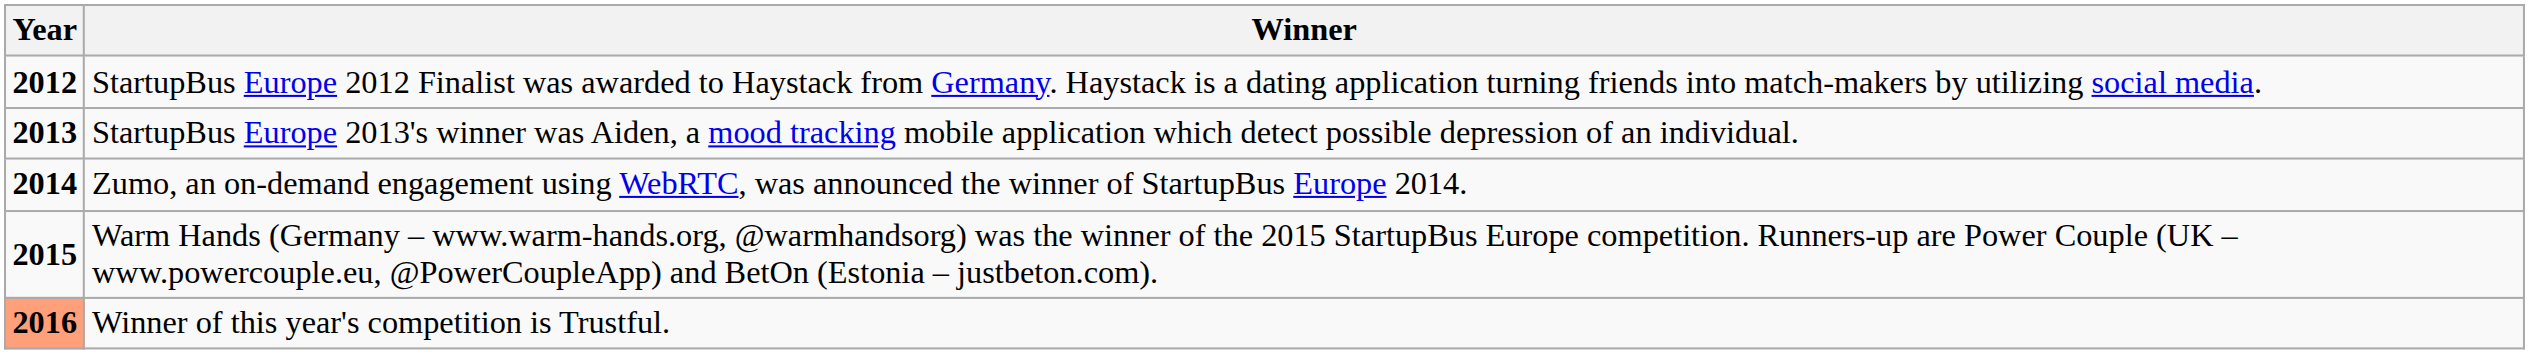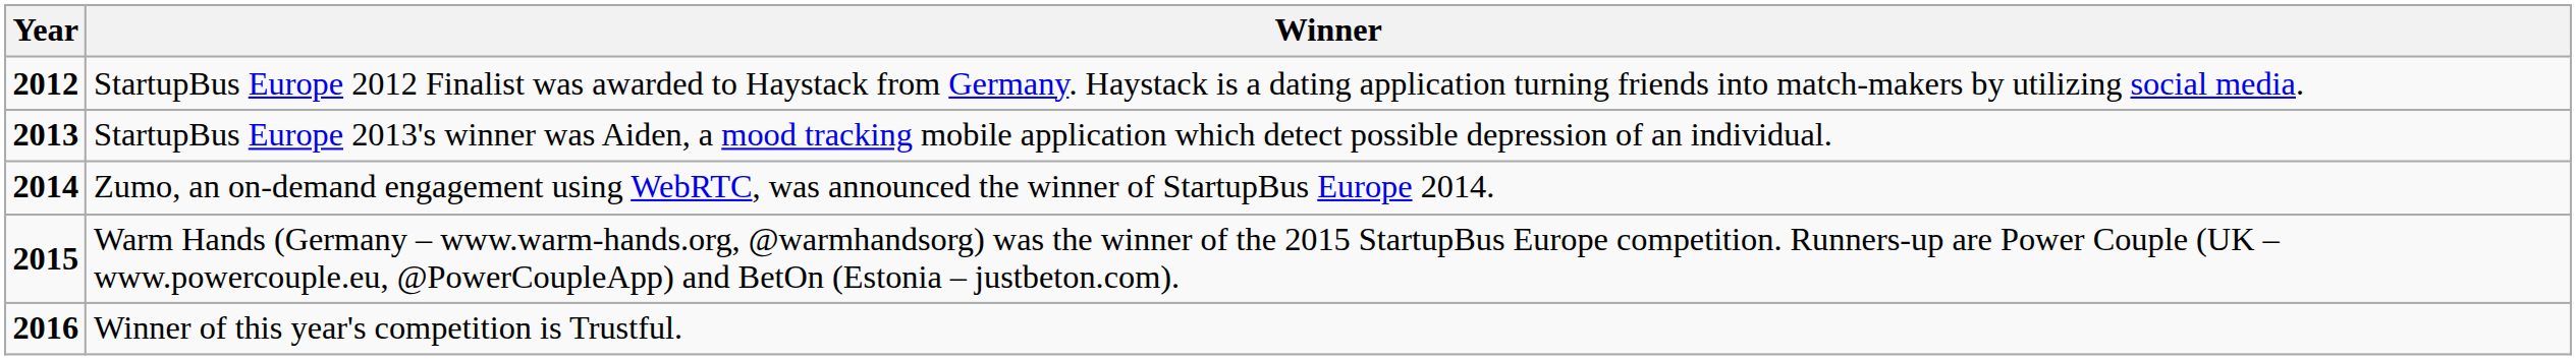 <table class="wikitable">
 <tr>
 <th>Year</th>
 <th>Winner</th>
 </tr>
 <tr>
 <td><strong>2012</strong></td>
 <td>StartupBus <a href='#'>Europe</a> 2012 Finalist was awarded to Haystack from <a href='#'>Germany</a>. Haystack is a dating application turning friends into match-makers by utilizing <a href='#'>social media</a>.</td>
 </tr>
 <tr>
 <td><strong>2013</strong></td>
 <td>StartupBus <a href='#'>Europe</a> 2013's winner was Aiden, a <a href='#'>mood tracking</a> mobile application which detect possible depression of an individual.</td>
 </tr>
 <tr>
 <td><strong>2014</strong></td>
 <td>Zumo, an on-demand engagement using <a href='#'>WebRTC</a>, was announced the winner of StartupBus <a href='#'>Europe</a> 2014.</td>
 </tr>
 <tr>
 <td><strong>2015</strong></td>
 <td>Warm Hands (Germany – www.warm-hands.org, @warmhandsorg) was the winner of the 2015 StartupBus Europe competition. Runners-up are Power Couple (UK – www.powercouple.eu, @PowerCoupleApp) and BetOn (Estonia – justbeton.com).</td>
 </tr>
 <tr>
-<td style="background: lightsalmon;"><strong>2016</strong></td>
+<td><strong>2016</strong></td>
 <td>Winner of this year's competition is Trustful.</td>
 </tr>
 </table>
